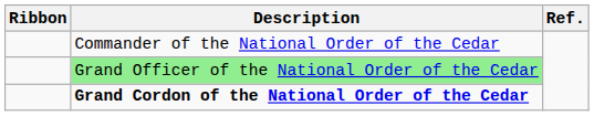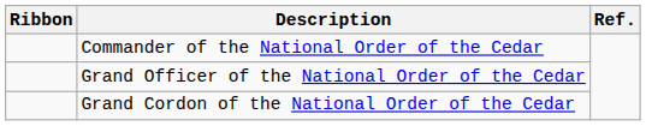 <table class="wikitable">
 <tr>
 <th>Ribbon</th>
 <th>Description</th>
 <th>Ref.</th>
 </tr>
 <tr>
 <td></td>
 <td>Commander of the <a href='#'>National Order of the Cedar</a></td>
 <td rowspan="3"></td>
 </tr>
 <tr>
 <td></td>
-<td style="background: lightgreen;">Grand Officer of the <a href='#'>National Order of the Cedar</a></td>
+<td>Grand Officer of the <a href='#'>National Order of the Cedar</a></td>
 </tr>
 <tr>
 <td></td>
-<td><strong>Grand Cordon of the <a href='#'>National Order of the Cedar</a></strong></td>
+<td>Grand Cordon of the <a href='#'>National Order of the Cedar</a></td>
 </tr>
 </table>
